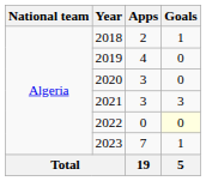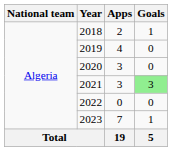 <table class="wikitable" style="text-align:center">
 <tr>
 <th>National team</th>
 <th>Year</th>
 <th>Apps</th>
 <th>Goals</th>
 </tr>
 <tr>
 <td rowspan="6"><a href='#'>Algeria</a></td>
 <td>2018</td>
 <td>2</td>
 <td>1</td>
 </tr>
 <tr>
 <td>2019</td>
 <td>4</td>
 <td>0</td>
 </tr>
 <tr>
 <td>2020</td>
 <td>3</td>
 <td>0</td>
 </tr>
 <tr>
 <td>2021</td>
 <td>3</td>
-<td>3</td>
+<td style="background: lightgreen;">3</td>
 </tr>
 <tr>
 <td>2022</td>
 <td>0</td>
-<td style="background: lightyellow;">0</td>
+<td>0</td>
 </tr>
 <tr>
 <td>2023</td>
 <td>7</td>
 <td>1</td>
 </tr>
 <tr>
 <th colspan="2">Total</th>
 <th>19</th>
 <th>5</th>
 </tr>
 </table>
